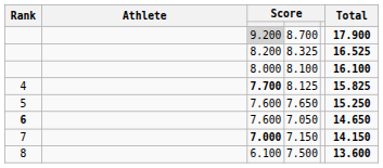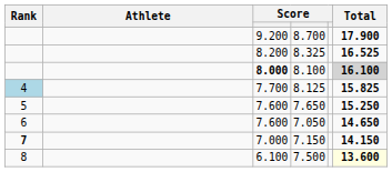 <table class=wikitable style="text-align:center">
 <tr>
 <th width="40" rowspan="2">Rank</th>
 <th width="250" rowspan="2">Athlete</th>
 <th width="60" colspan="3">Score</th>
 <th width="60" rowspan="2">Total</th>
 </tr>
 <tr>
 <th></th>
 <th></th>
 <th></th>
 </tr>
 <tr>
 <td></td>
 <td align="left"></td>
-<td style="background: lightgrey;">9.200</td>
+<td>9.200</td>
 <td>8.700</td>
 <td></td>
 <td><strong>17.900</strong></td>
 </tr>
 <tr>
 <td></td>
 <td align="left"></td>
 <td>8.200</td>
 <td>8.325</td>
 <td></td>
 <td><strong>16.525</strong></td>
 </tr>
 <tr>
 <td></td>
 <td align="left"></td>
-<td>8.000</td>
+<td><strong>8.000</strong></td>
 <td>8.100</td>
 <td></td>
-<td><strong>16.100</strong></td>
+<td style="background: lightgrey;"><strong>16.100</strong></td>
 </tr>
 <tr>
-<td>4</td>
+<td style="background: lightblue;">4</td>
 <td align="left"></td>
-<td><strong>7.700</strong></td>
+<td>7.700</td>
 <td>8.125</td>
 <td></td>
 <td><strong>15.825</strong></td>
 </tr>
 <tr>
 <td>5</td>
 <td align="left"></td>
 <td>7.600</td>
 <td>7.650</td>
 <td></td>
 <td><strong>15.250</strong></td>
 </tr>
 <tr>
-<td><strong>6</strong></td>
+<td>6</td>
 <td align="left"></td>
 <td>7.600</td>
 <td>7.050</td>
 <td></td>
 <td><strong>14.650</strong></td>
 </tr>
 <tr>
-<td>7</td>
+<td><strong>7</strong></td>
 <td align="left"></td>
-<td><strong>7.000</strong></td>
+<td>7.000</td>
 <td>7.150</td>
 <td></td>
 <td><strong>14.150</strong></td>
 </tr>
 <tr>
 <td>8</td>
 <td align="left"></td>
 <td>6.100</td>
 <td>7.500</td>
 <td></td>
-<td><strong>13.600</strong></td>
+<td style="background: lightyellow;"><strong>13.600</strong></td>
 </tr>
 </table>
